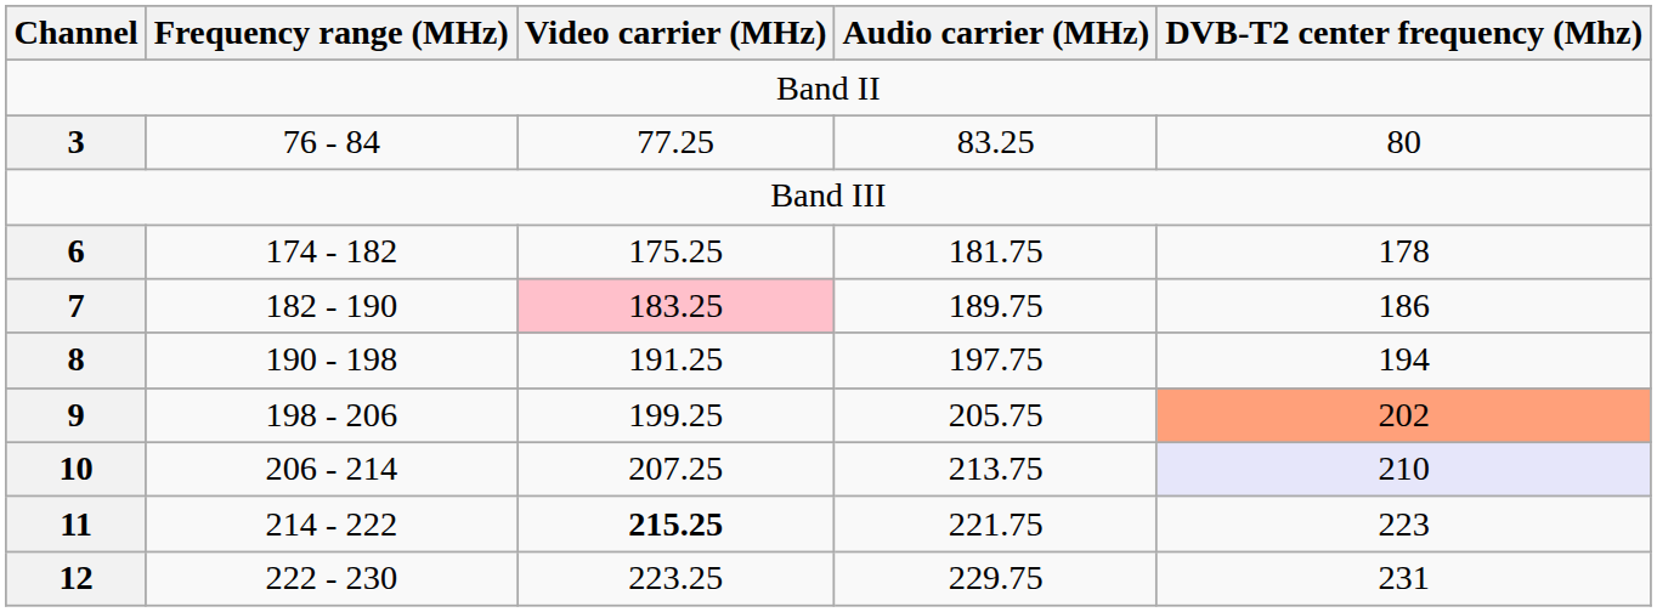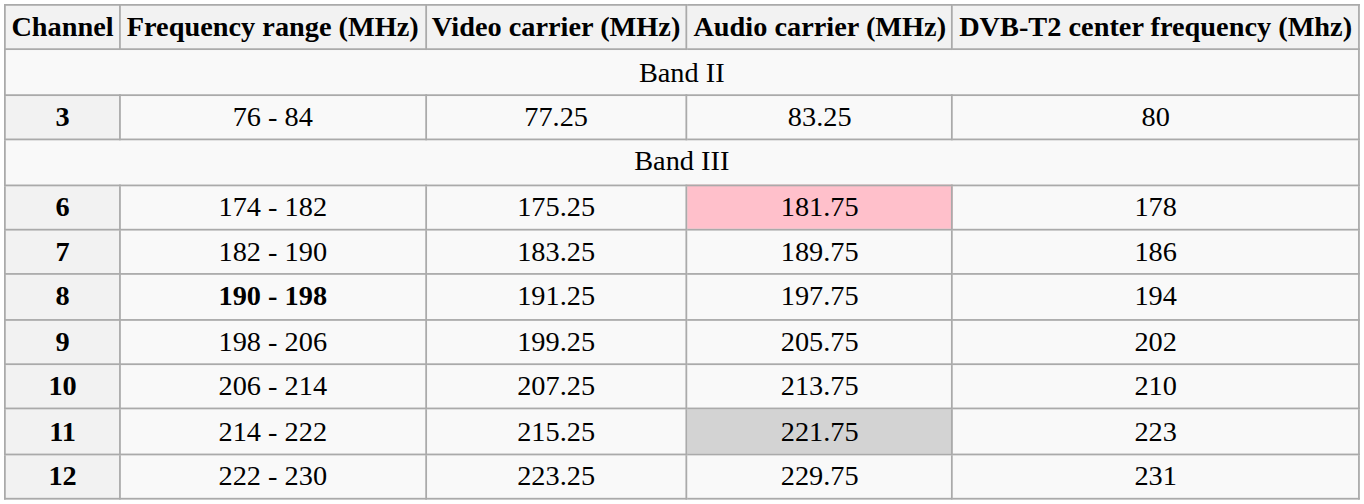 <table class="wikitable" style="text-align: center; border-collapse:collapse">
 <tr>
 <th>Channel</th>
 <th>Frequency range (MHz)</th>
 <th>Video carrier (MHz)</th>
 <th>Audio carrier (MHz)</th>
 <th>DVB-T2 center frequency (Mhz)</th>
 </tr>
 <tr>
 <td colspan="5">Band II</td>
 </tr>
 <tr>
 <th>3</th>
 <td>76 - 84</td>
 <td>77.25</td>
 <td>83.25</td>
 <td>80</td>
 </tr>
 <tr>
 <td colspan="5">Band III</td>
 </tr>
 <tr>
 <th>6</th>
 <td>174 - 182</td>
 <td>175.25</td>
-<td>181.75</td>
+<td style="background: pink;">181.75</td>
 <td>178</td>
 </tr>
 <tr>
 <th>7</th>
 <td>182 - 190</td>
-<td style="background: pink;">183.25</td>
+<td>183.25</td>
 <td>189.75</td>
 <td>186</td>
 </tr>
 <tr>
 <th>8</th>
-<td>190 - 198</td>
+<td><strong>190 - 198</strong></td>
 <td>191.25</td>
 <td>197.75</td>
 <td>194</td>
 </tr>
 <tr>
 <th>9</th>
 <td>198 - 206</td>
 <td>199.25</td>
 <td>205.75</td>
-<td style="background: lightsalmon;">202</td>
+<td>202</td>
 </tr>
 <tr>
 <th>10</th>
 <td>206 - 214</td>
 <td>207.25</td>
 <td>213.75</td>
-<td style="background: lavender;">210</td>
+<td>210</td>
 </tr>
 <tr>
 <th>11</th>
 <td>214 - 222</td>
-<td><strong>215.25</strong></td>
-<td>221.75</td>
+<td>215.25</td>
+<td style="background: lightgrey;">221.75</td>
 <td>223</td>
 </tr>
 <tr>
 <th>12</th>
 <td>222 - 230</td>
 <td>223.25</td>
 <td>229.75</td>
 <td>231</td>
 </tr>
 </table>
